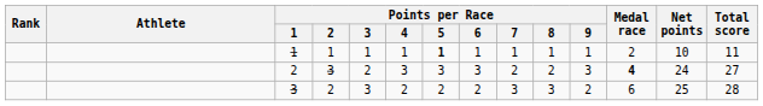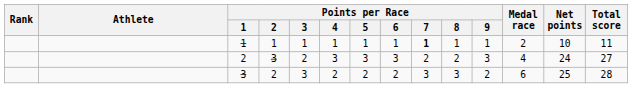 <table | class="wikitable Sortable" style="text-align:center">
 <tr>
 <th rowspan="2" width=40>Rank</th>
 <th rowspan="2" width=250>Athlete</th>
 <th colspan="9">Points per Race</th>
 <th rowspan="2" width=50>Medal race</th>
 <th rowspan="2" width=50>Net points</th>
 <th rowspan="2" width=50>Total score</th>
 </tr>
 <tr>
 <th width=35>1</th>
 <th width=35>2</th>
 <th width=35>3</th>
 <th width=35>4</th>
 <th width=35>5</th>
 <th width=35>6</th>
 <th width=35>7</th>
 <th width=35>8</th>
 <th width=35>9</th>
 </tr>
 <tr>
 <td></td>
 <td align=left> </td>
 <td><s>1</s></td>
 <td>1</td>
 <td>1</td>
 <td>1</td>
-<td><strong>1</strong></td>
 <td>1</td>
 <td>1</td>
+<td><strong>1</strong></td>
 <td>1</td>
 <td>1</td>
 <td>2</td>
 <td>10</td>
 <td>11</td>
 </tr>
 <tr>
 <td></td>
 <td align=left> </td>
 <td>2</td>
 <td><s>3</s></td>
 <td>2</td>
 <td>3</td>
 <td>3</td>
 <td>3</td>
 <td>2</td>
 <td>2</td>
 <td>3</td>
-<td><strong>4</strong></td>
+<td>4</td>
 <td>24</td>
 <td>27</td>
 </tr>
 <tr>
 <td></td>
 <td align=left> </td>
 <td><s>3</s></td>
 <td>2</td>
 <td>3</td>
 <td>2</td>
 <td>2</td>
 <td>2</td>
 <td>3</td>
 <td>3</td>
 <td>2</td>
 <td>6</td>
 <td>25</td>
 <td>28</td>
 </tr>
 </table>
